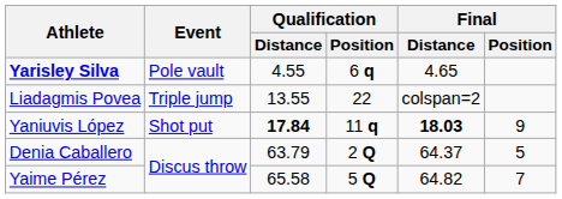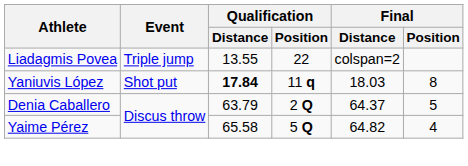 <table class=wikitable style=font-size:90%>
 <tr>
 <th rowspan=2>Athlete</th>
 <th rowspan=2>Event</th>
 <th colspan=2>Qualification</th>
 <th colspan=2>Final</th>
 </tr>
 <tr style=font-size:95%>
 <th>Distance</th>
 <th>Position</th>
 <th>Distance</th>
 <th>Position</th>
 </tr>
 <tr align=center>
-<td align=left><strong><a href='#'>Yarisley Silva</a></strong></td>
-<td align=left><a href='#'>Pole vault</a></td>
-<td>4.55</td>
-<td>6 <strong>q</strong></td>
-<td>4.65</td>
-<td></td>
-</tr>
-<tr align=center>
 <td align=left><a href='#'>Liadagmis Povea</a></td>
 <td align=left><a href='#'>Triple jump</a></td>
 <td>13.55</td>
 <td>22</td>
 <td>colspan=2 </td>
 </tr>
 <tr align=center>
 <td align=left><a href='#'>Yaniuvis López</a></td>
 <td align=left><a href='#'>Shot put</a></td>
 <td><strong>17.84</strong></td>
 <td>11 <strong>q</strong></td>
-<td><strong>18.03</strong></td>
-<td>9</td>
+<td>18.03</td>
+<td>8</td>
 </tr>
 <tr align=center>
 <td align=left><a href='#'>Denia Caballero</a></td>
 <td align=left rowspan=2><a href='#'>Discus throw</a></td>
 <td>63.79</td>
 <td>2 <strong>Q</strong></td>
 <td>64.37</td>
 <td>5</td>
 </tr>
 <tr align=center>
 <td align=left><a href='#'>Yaime Pérez</a></td>
 <td>65.58</td>
 <td>5 <strong>Q</strong></td>
 <td>64.82</td>
-<td>7</td>
+<td>4</td>
 </tr>
 </table>
